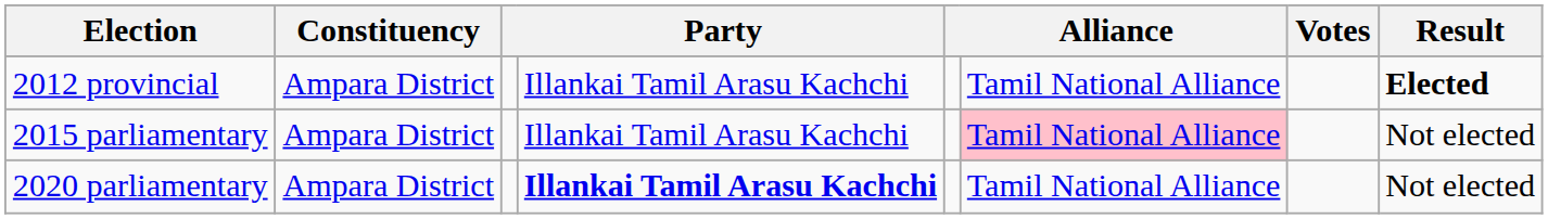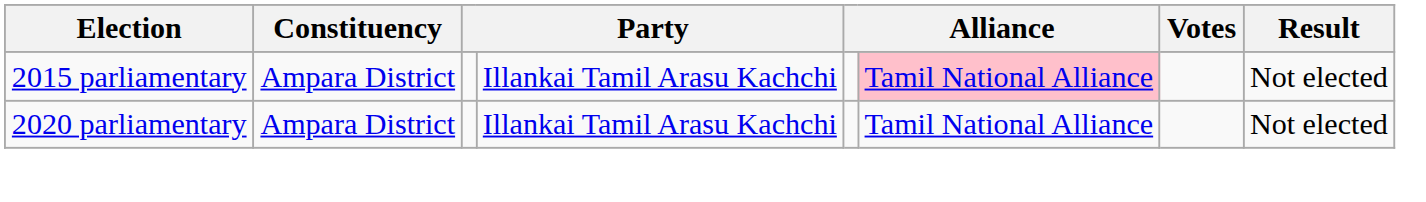 <table class="wikitable" style="text-align:left;">
 <tr>
 <th scope=col>Election</th>
 <th scope=col>Constituency</th>
 <th scope=col colspan="2">Party</th>
 <th scope=col colspan="2">Alliance</th>
 <th scope=col>Votes</th>
 <th scope=col>Result</th>
-</tr>
-<tr>
-<td><a href='#'>2012 provincial</a></td>
-<td><a href='#'>Ampara District</a></td>
-<td style="background:"></td>
-<td><a href='#'>Illankai Tamil Arasu Kachchi</a></td>
-<td style="background:"></td>
-<td><a href='#'>Tamil National Alliance</a></td>
-<td align=right></td>
-<td><strong>Elected</strong></td>
 </tr>
 <tr>
 <td><a href='#'>2015 parliamentary</a></td>
 <td><a href='#'>Ampara District</a></td>
 <td style="background:"></td>
 <td><a href='#'>Illankai Tamil Arasu Kachchi</a></td>
 <td style="background:"></td>
 <td style="background: pink;"><a href='#'>Tamil National Alliance</a></td>
 <td align=right></td>
 <td>Not elected</td>
 </tr>
 <tr>
 <td><a href='#'>2020 parliamentary</a></td>
 <td><a href='#'>Ampara District</a></td>
 <td style="background:"></td>
-<td><strong><a href='#'>Illankai Tamil Arasu Kachchi</a></strong></td>
+<td><a href='#'>Illankai Tamil Arasu Kachchi</a></td>
 <td style="background:"></td>
 <td><a href='#'>Tamil National Alliance</a></td>
 <td align=right></td>
 <td>Not elected</td>
 </tr>
 </table>
